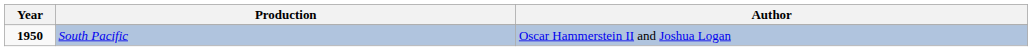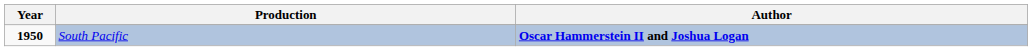 <table class="wikitable" style="width:100%;">
 <tr style="background:#bebebe;">
 <th style="width:5%;">Year</th>
 <th style="width:45%;">Production</th>
 <th style="width:50%;">Author</th>
 </tr>
 <tr>
 <td rowspan="2" align="center"><strong>1950</strong><br></td>
 </tr>
 <tr style="background:#B0C4DE">
 <td><em><a href='#'>South Pacific</a></em></td>
-<td><a href='#'>Oscar Hammerstein II</a> and <a href='#'>Joshua Logan</a></td>
+<td><strong><a href='#'>Oscar Hammerstein II</a> and <a href='#'>Joshua Logan</a></strong></td>
 </tr>
 </table>
